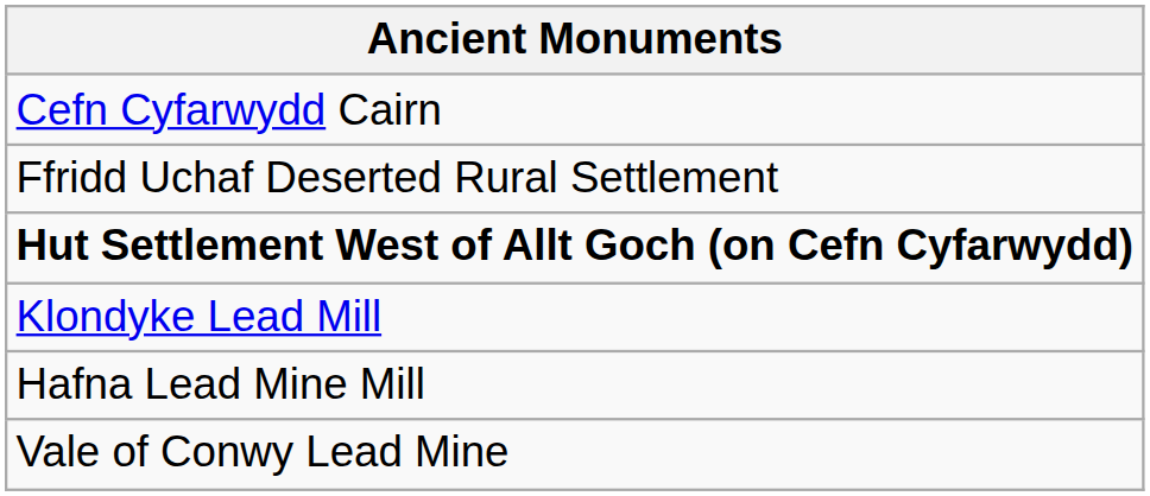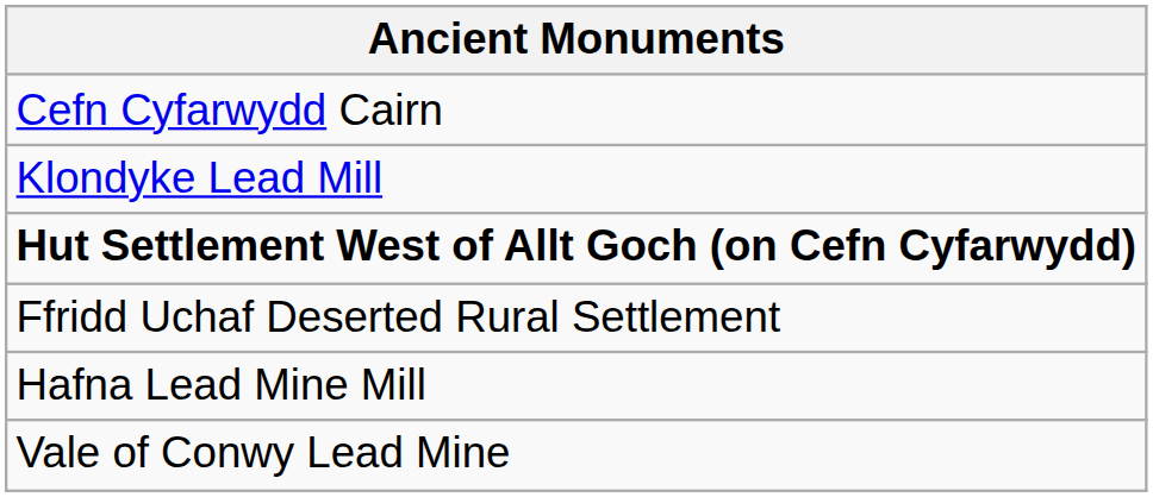 <table class="wikitable">
 <tr>
 <th><strong>Ancient Monuments</strong></th>
 </tr>
 <tr>
 <td><a href='#'>Cefn Cyfarwydd</a> Cairn</td>
 </tr>
 <tr>
-<td>Ffridd Uchaf Deserted Rural Settlement</td>
+<td><a href='#'>Klondyke Lead Mill</a></td>
 </tr>
 <tr>
 <td><strong>Hut Settlement West of Allt Goch (on Cefn Cyfarwydd)</strong></td>
 </tr>
 <tr>
-<td><a href='#'>Klondyke Lead Mill</a></td>
+<td>Ffridd Uchaf Deserted Rural Settlement</td>
 </tr>
 <tr>
 <td>Hafna Lead Mine Mill</td>
 </tr>
 <tr>
 <td>Vale of Conwy Lead Mine</td>
 </tr>
 </table>
